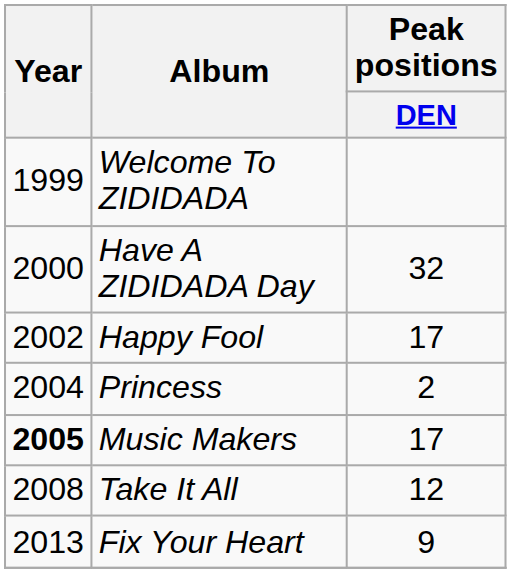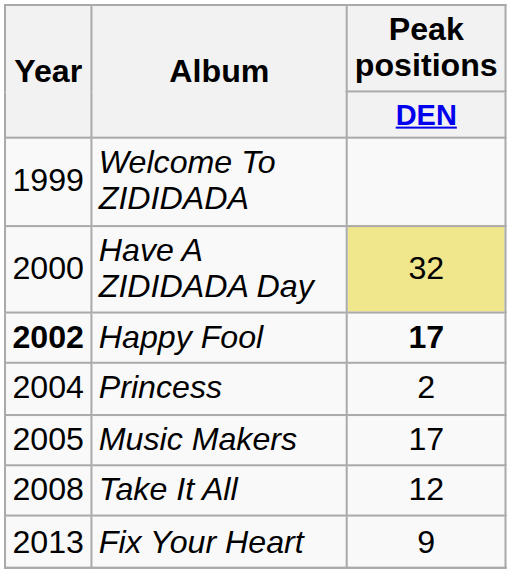 <table class="wikitable">
 <tr>
 <th align="center" rowspan="2" width="10">Year</th>
 <th align="center" rowspan="2" width="120">Album</th>
 <th align="center" colspan="1" width="20">Peak positions</th>
 </tr>
 <tr>
 <th scope="col" style="width:3em;font-size:90%;"><a href='#'>DEN</a><br></th>
 </tr>
 <tr>
 <td style="text-align:center;">1999</td>
 <td><em>Welcome To ZIDIDADA</em></td>
 <td style="text-align:center;"></td>
 </tr>
 <tr>
 <td style="text-align:center;">2000</td>
 <td><em>Have A ZIDIDADA Day</em></td>
-<td style="text-align:center;">32</td>
+<td style="background: khaki; text-align:center;">32</td>
 </tr>
 <tr>
-<td style="text-align:center;">2002</td>
+<td style="text-align:center;"><strong>2002</strong></td>
 <td><em>Happy Fool</em></td>
-<td style="text-align:center;">17</td>
+<td style="text-align:center;"><strong>17</strong></td>
 </tr>
 <tr>
 <td style="text-align:center;">2004</td>
 <td><em>Princess</em></td>
 <td style="text-align:center;">2</td>
 </tr>
 <tr>
-<td style="text-align:center;"><strong>2005</strong></td>
+<td style="text-align:center;">2005</td>
 <td><em>Music Makers</em></td>
 <td style="text-align:center;">17</td>
 </tr>
 <tr>
 <td style="text-align:center;">2008</td>
 <td><em> Take It All</em></td>
 <td style="text-align:center;">12</td>
 </tr>
 <tr>
 <td style="text-align:center;">2013</td>
 <td><em>Fix Your Heart</em></td>
 <td style="text-align:center;">9</td>
 </tr>
 <tr>
 </tr>
 </table>
